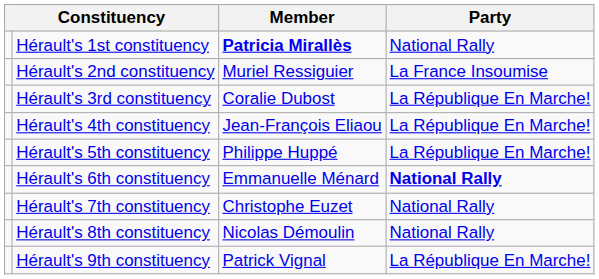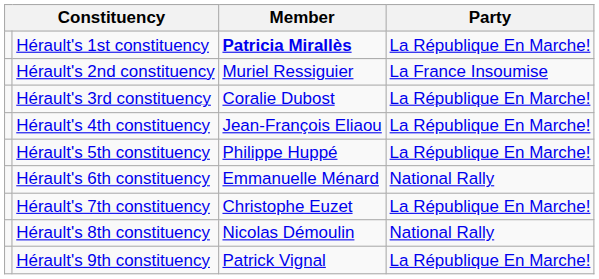 <table class="wikitable">
 <tr>
 <th colspan="2">Constituency</th>
 <th>Member</th>
 <th>Party</th>
 </tr>
 <tr>
 <td style="background-color: "></td>
 <td><a href='#'>Hérault's 1st constituency</a></td>
 <td><strong><a href='#'>Patricia Mirallès</a></strong></td>
-<td><a href='#'>National Rally</a></td>
+<td><a href='#'>La République En Marche!</a></td>
 </tr>
 <tr>
 <td style="background-color: "></td>
 <td><a href='#'>Hérault's 2nd constituency</a></td>
 <td><a href='#'>Muriel Ressiguier</a></td>
 <td><a href='#'>La France Insoumise</a></td>
 </tr>
 <tr>
 <td style="background-color: "></td>
 <td><a href='#'>Hérault's 3rd constituency</a></td>
 <td><a href='#'>Coralie Dubost</a></td>
 <td><a href='#'>La République En Marche!</a></td>
 </tr>
 <tr>
 <td style="background-color: "></td>
 <td><a href='#'>Hérault's 4th constituency</a></td>
 <td><a href='#'>Jean-François Eliaou</a></td>
 <td><a href='#'>La République En Marche!</a></td>
 </tr>
 <tr>
 <td style="background-color: "></td>
 <td><a href='#'>Hérault's 5th constituency</a></td>
 <td><a href='#'>Philippe Huppé</a></td>
 <td><a href='#'>La République En Marche!</a></td>
 </tr>
 <tr>
 <td style="background-color: "></td>
 <td><a href='#'>Hérault's 6th constituency</a></td>
 <td><a href='#'>Emmanuelle Ménard</a></td>
-<td><strong><a href='#'>National Rally</a></strong></td>
+<td><a href='#'>National Rally</a></td>
 </tr>
 <tr>
 <td style="background-color: "></td>
 <td><a href='#'>Hérault's 7th constituency</a></td>
 <td><a href='#'>Christophe Euzet</a></td>
-<td><a href='#'>National Rally</a></td>
+<td><a href='#'>La République En Marche!</a></td>
 </tr>
 <tr>
 <td style="background-color: "></td>
 <td><a href='#'>Hérault's 8th constituency</a></td>
 <td><a href='#'>Nicolas Démoulin</a></td>
 <td><a href='#'>National Rally</a></td>
 </tr>
 <tr>
 <td style="background-color: "></td>
 <td><a href='#'>Hérault's 9th constituency</a></td>
 <td><a href='#'>Patrick Vignal</a></td>
 <td><a href='#'>La République En Marche!</a></td>
 </tr>
 </table>
